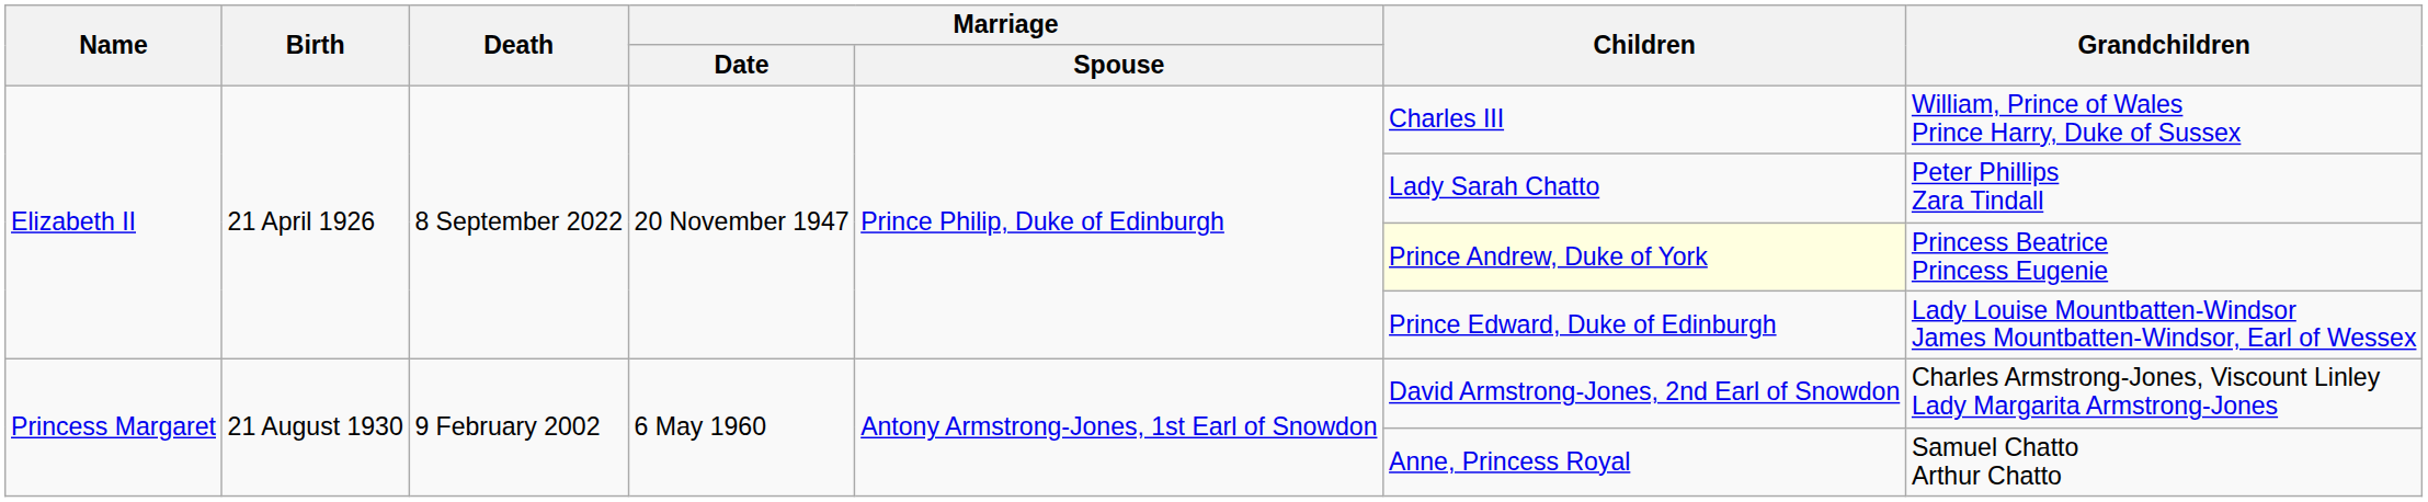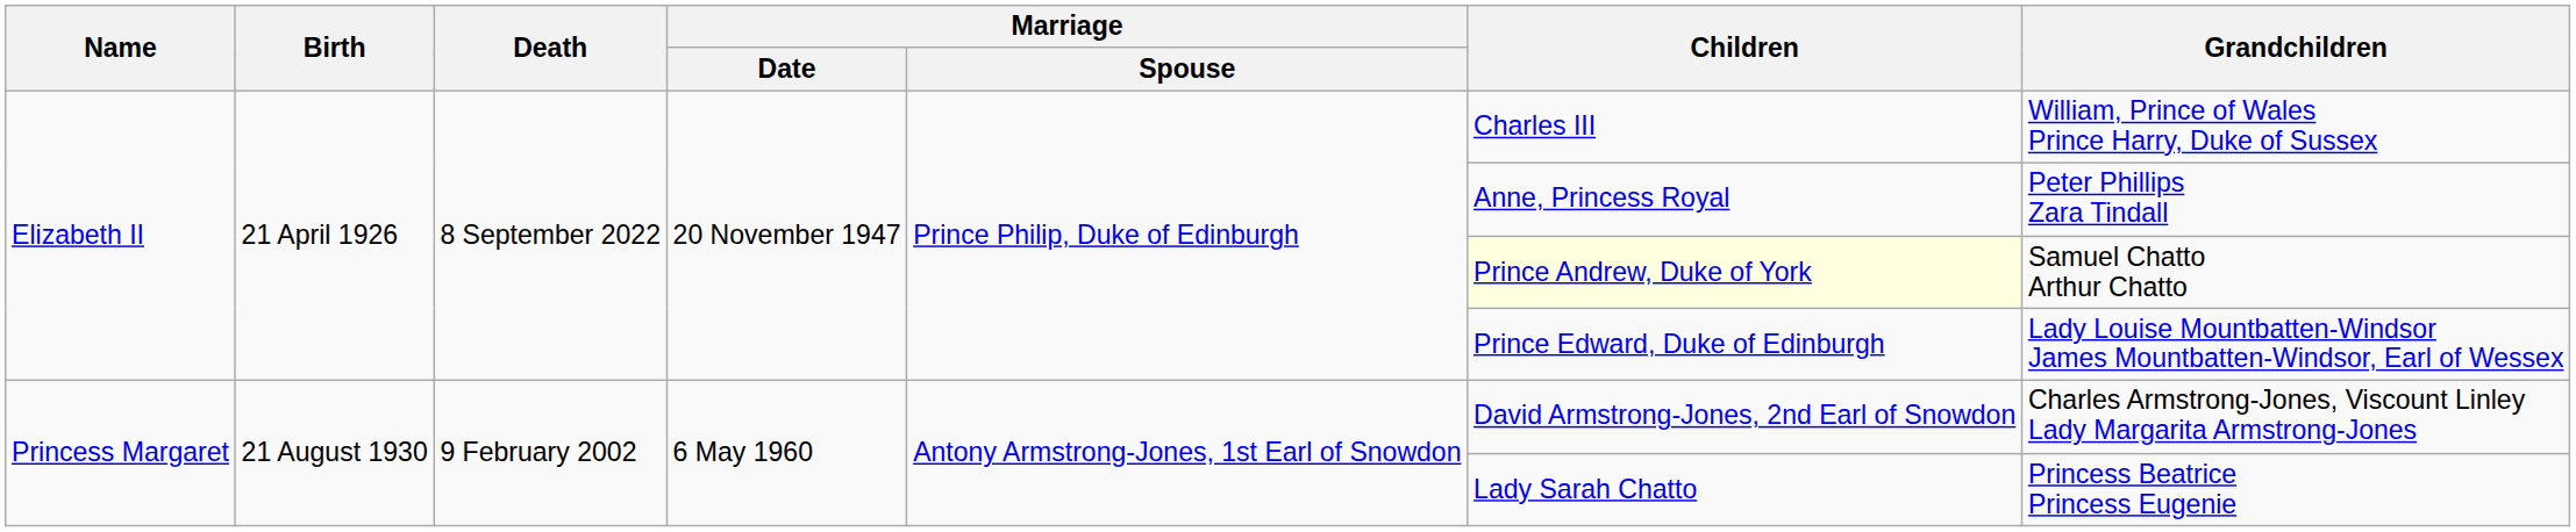 <table class="wikitable">
 <tr>
 <th rowspan="2">Name</th>
 <th rowspan="2">Birth</th>
 <th rowspan="2">Death</th>
 <th colspan="2">Marriage</th>
 <th rowspan="2">Children</th>
 <th rowspan="2">Grandchildren</th>
 </tr>
 <tr>
 <th>Date</th>
 <th>Spouse</th>
 </tr>
 <tr>
 <td rowspan="4"><a href='#'>Elizabeth II</a></td>
 <td rowspan="4">21 April 1926</td>
 <td rowspan="4">8 September 2022</td>
 <td rowspan="4">20 November 1947</td>
 <td rowspan="4"><a href='#'>Prince Philip, Duke of Edinburgh</a></td>
 <td><a href='#'>Charles III</a></td>
 <td><a href='#'>William, Prince of Wales</a><br><a href='#'>Prince Harry, Duke of Sussex</a></td>
 </tr>
 <tr>
-<td><a href='#'>Lady Sarah Chatto</a></td>
+<td><a href='#'>Anne, Princess Royal</a></td>
 <td><a href='#'>Peter Phillips</a><br><a href='#'>Zara Tindall</a></td>
 </tr>
 <tr>
 <td style="background: lightyellow;"><a href='#'>Prince Andrew, Duke of York</a></td>
-<td><a href='#'>Princess Beatrice</a><br><a href='#'>Princess Eugenie</a></td>
+<td>Samuel Chatto<br>Arthur Chatto</td>
 </tr>
 <tr>
 <td><a href='#'>Prince Edward, Duke of Edinburgh</a></td>
 <td><a href='#'>Lady Louise Mountbatten-Windsor</a><br><a href='#'>James Mountbatten-Windsor, Earl of Wessex</a></td>
 </tr>
 <tr>
 <td rowspan="2"><a href='#'>Princess Margaret</a></td>
 <td rowspan="2">21 August 1930</td>
 <td rowspan="2">9 February 2002</td>
 <td rowspan="2">6 May 1960<br></td>
 <td rowspan="2"><a href='#'>Antony Armstrong-Jones, 1st Earl of Snowdon</a></td>
 <td><a href='#'>David Armstrong-Jones, 2nd Earl of Snowdon</a></td>
 <td>Charles Armstrong-Jones, Viscount Linley<br><a href='#'>Lady Margarita Armstrong-Jones</a></td>
 </tr>
 <tr>
-<td><a href='#'>Anne, Princess Royal</a></td>
-<td>Samuel Chatto<br>Arthur Chatto</td>
+<td><a href='#'>Lady Sarah Chatto</a></td>
+<td><a href='#'>Princess Beatrice</a><br><a href='#'>Princess Eugenie</a></td>
 </tr>
 </table>
